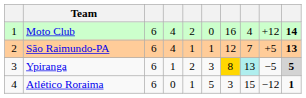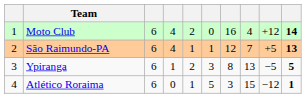 <table class="wikitable" style="text-align: center;">
 <tr>
 <th width=20></th>
 <th width=165>Team</th>
 <th width=20></th>
 <th width=20></th>
 <th width=20></th>
 <th width=20></th>
 <th width=20></th>
 <th width=20></th>
 <th width=20></th>
 <th width=20></th>
 </tr>
 <tr bgcolor=#ccffcc>
 <td>1</td>
 <td align=left> <a href='#'>Moto Club</a></td>
 <td>6</td>
 <td>4</td>
 <td>2</td>
 <td>0</td>
 <td>16</td>
 <td>4</td>
 <td>+12</td>
 <td><strong>14</strong></td>
 </tr>
 <tr bgcolor=#ffcc99>
 <td>2</td>
 <td align=left> <a href='#'>São Raimundo-PA</a></td>
 <td>6</td>
 <td>4</td>
 <td>1</td>
 <td>1</td>
 <td>12</td>
 <td>7</td>
 <td>+5</td>
 <td><strong>13</strong></td>
 </tr>
 <tr>
 <td>3</td>
 <td align=left> <a href='#'>Ypiranga</a></td>
 <td>6</td>
 <td>1</td>
 <td>2</td>
 <td>3</td>
-<td style="background: gold;">8</td>
-<td style="background: paleturquoise;">13</td>
+<td>8</td>
+<td>13</td>
 <td>−5</td>
-<td style="background: lightgrey;"><strong>5</strong></td>
+<td><strong>5</strong></td>
 </tr>
 <tr>
 <td>4</td>
 <td align=left> <a href='#'>Atlético Roraima</a></td>
 <td>6</td>
 <td>0</td>
 <td>1</td>
 <td>5</td>
 <td>3</td>
 <td>15</td>
 <td>−12</td>
 <td><strong>1</strong></td>
 </tr>
 </table>
